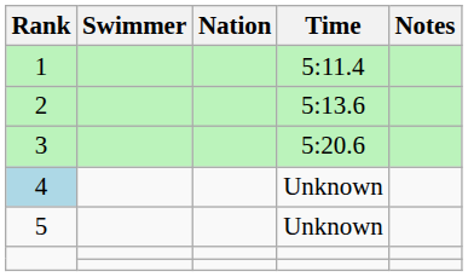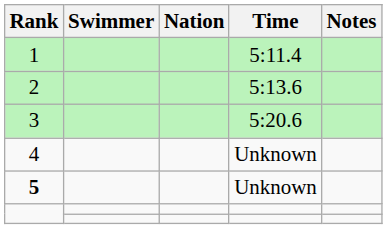 <table class="wikitable sortable" style="text-align:center">
 <tr>
 <th>Rank</th>
 <th>Swimmer</th>
 <th>Nation</th>
 <th>Time</th>
 <th>Notes</th>
 </tr>
 <tr style="background:#bbf3bb;">
 <td>1</td>
 <td align=left></td>
 <td align=left></td>
 <td>5:11.4</td>
 <td></td>
 </tr>
 <tr style="background:#bbf3bb;">
 <td>2</td>
 <td align=left></td>
 <td align=left></td>
 <td>5:13.6</td>
 <td></td>
 </tr>
 <tr style="background:#bbf3bb;">
 <td>3</td>
 <td align=left></td>
 <td align=left></td>
 <td>5:20.6</td>
 <td></td>
 </tr>
 <tr>
-<td style="background: lightblue;">4</td>
+<td>4</td>
 <td align=left></td>
 <td align=left></td>
 <td>Unknown</td>
 <td></td>
 </tr>
 <tr>
-<td>5</td>
+<td><strong>5</strong></td>
 <td align=left></td>
 <td align=left></td>
 <td>Unknown</td>
 <td></td>
 </tr>
 <tr>
 <td rowspan=2></td>
 <td align=left></td>
 <td align=left></td>
 <td></td>
 <td></td>
 </tr>
 <tr>
 <td align=left></td>
 <td align=left></td>
 <td></td>
 <td></td>
 </tr>
 </table>
